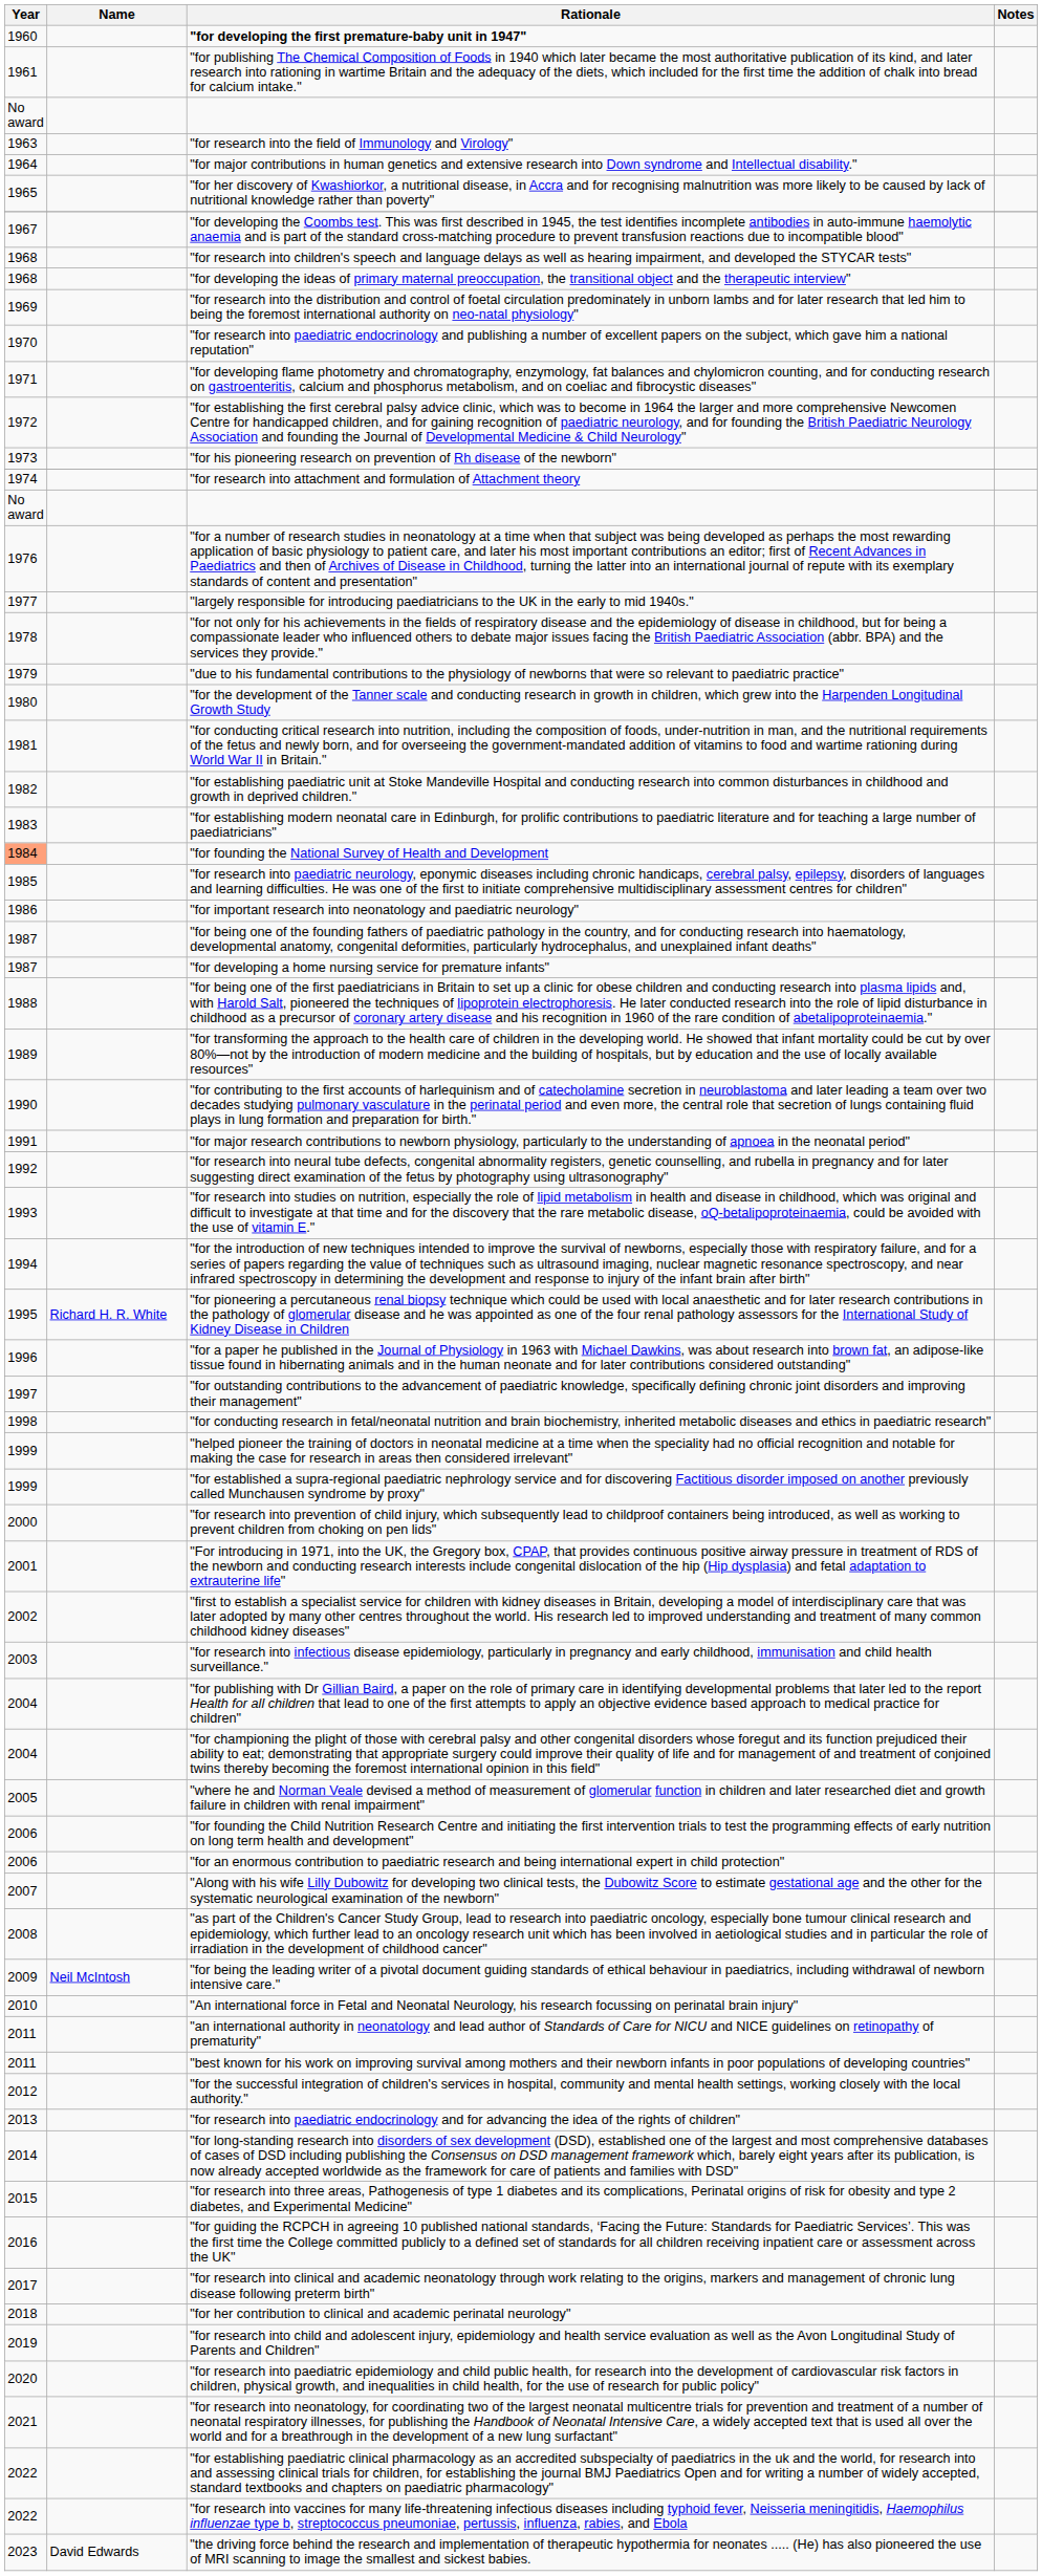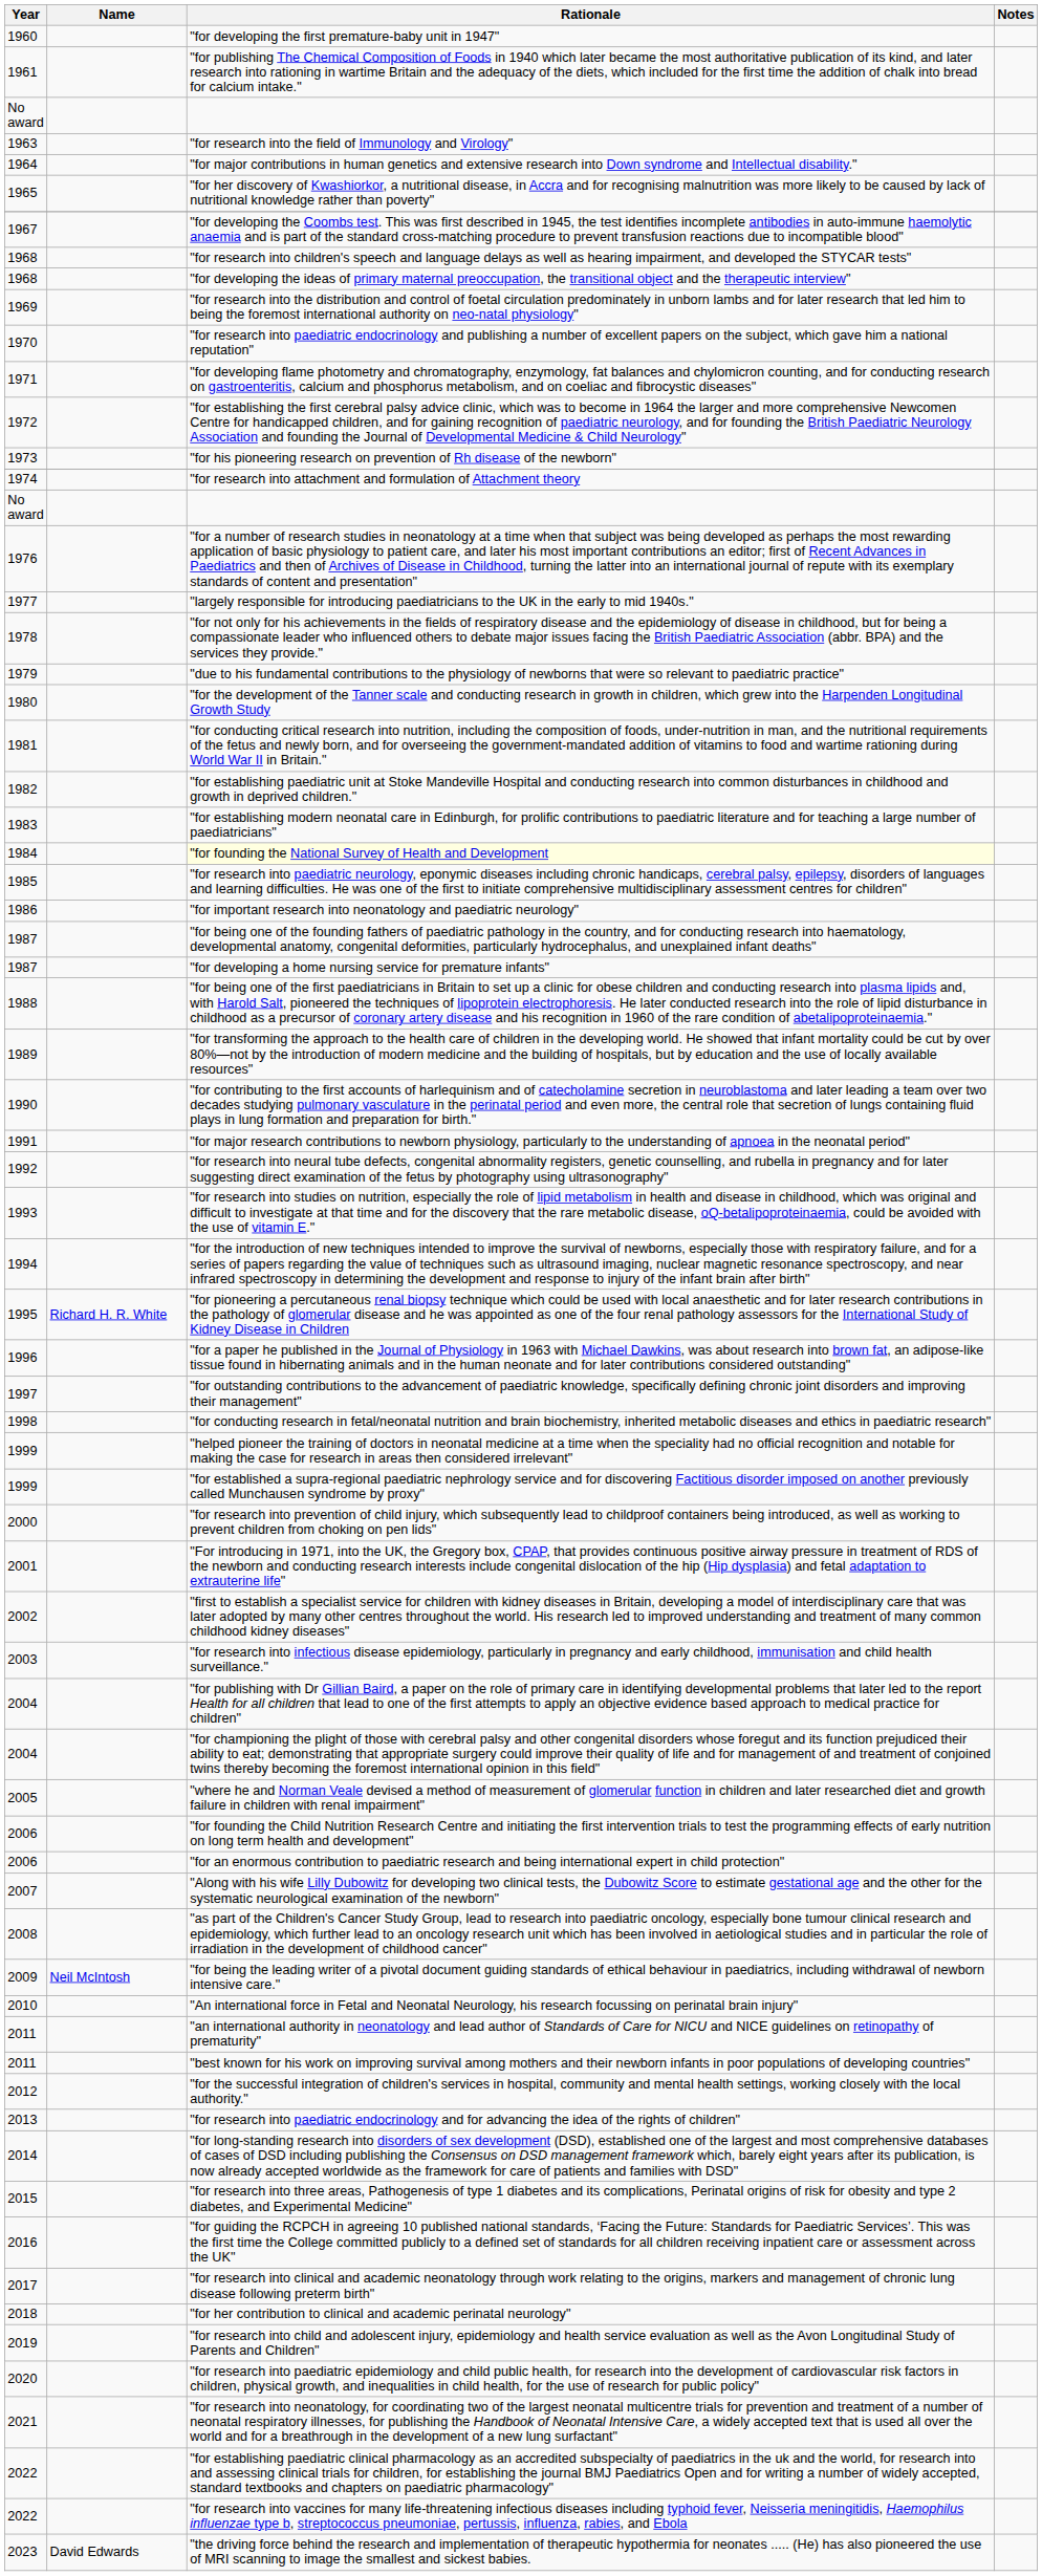 <table class="wikitable sortable" border="1" style="align:left;">
 <tr>
 <th>Year</th>
 <th width=14.4%>Name</th>
 <th width=85% class="unsortable">Rationale</th>
 <th class="unsortable">Notes</th>
 </tr>
 <tr>
 <td>1960</td>
 <td></td>
-<td><strong>"for developing the first premature-baby unit in 1947"</strong></td>
+<td>"for developing the first premature-baby unit in 1947"</td>
 <td></td>
 </tr>
 <tr>
 <td>1961</td>
 <td></td>
 <td>"for publishing <a href='#'>The Chemical Composition of Foods</a> in 1940 which later became the most authoritative publication of its kind, and later research into rationing in wartime Britain and the adequacy of the diets, which included for the first time the addition of chalk into bread for calcium intake."</td>
 <td></td>
 </tr>
 <tr>
 <td>No award</td>
 <td></td>
 <td></td>
 <td></td>
 </tr>
 <tr>
 <td>1963</td>
 <td></td>
 <td>"for research into the field of <a href='#'>Immunology</a> and <a href='#'>Virology</a>"</td>
 <td></td>
 </tr>
 <tr>
 <td>1964</td>
 <td></td>
 <td>"for major contributions in human genetics and extensive research into <a href='#'>Down syndrome</a> and <a href='#'>Intellectual disability</a>."</td>
 <td></td>
 </tr>
 <tr |>
 <td>1965</td>
 <td></td>
 <td>"for her discovery of <a href='#'>Kwashiorkor</a>, a nutritional disease, in <a href='#'>Accra</a> and for recognising malnutrition was more likely to be caused by lack of nutritional knowledge rather than poverty"</td>
 <td></td>
 </tr>
 <tr |>
 </tr>
 <tr>
 <td>1967</td>
 <td></td>
 <td>"for developing the <a href='#'>Coombs test</a>.  This was first described in 1945, the test identifies incomplete <a href='#'>antibodies</a> in auto-immune <a href='#'>haemolytic anaemia</a> and is part of the standard cross-matching procedure to prevent transfusion reactions due to incompatible blood"</td>
 <td></td>
 </tr>
 <tr>
 <td>1968</td>
 <td></td>
 <td>"for research into children's speech and language delays as well as hearing impairment, and developed the STYCAR tests"</td>
 <td></td>
 </tr>
 <tr>
 <td>1968</td>
 <td></td>
 <td>"for developing the ideas of <a href='#'>primary maternal preoccupation</a>, the <a href='#'>transitional object</a> and the <a href='#'>therapeutic interview</a>"</td>
 <td></td>
 </tr>
 <tr>
 <td>1969</td>
 <td></td>
 <td>"for research into the distribution and control of foetal circulation predominately in unborn lambs and for later research that led him to being the foremost international authority on <a href='#'>neo-natal physiology</a>"</td>
 <td></td>
 </tr>
 <tr>
 <td>1970</td>
 <td></td>
 <td>"for research into <a href='#'>paediatric endocrinology</a> and publishing a number of excellent papers on the subject, which gave him a national reputation"</td>
 <td></td>
 </tr>
 <tr>
 <td>1971</td>
 <td></td>
 <td>"for developing flame photometry and chromatography, enzymology, fat balances and chylomicron counting, and for conducting research on <a href='#'>gastroenteritis</a>, calcium and phosphorus metabolism, and on coeliac and fibrocystic diseases"</td>
 <td></td>
 </tr>
 <tr>
 <td>1972</td>
 <td></td>
 <td>"for establishing the first cerebral palsy advice clinic, which was to become in 1964 the larger and more comprehensive Newcomen Centre for handicapped children, and for gaining recognition of <a href='#'>paediatric neurology</a>, and for founding the <a href='#'>British Paediatric Neurology Association</a> and founding the Journal of <a href='#'>Developmental Medicine & Child Neurology</a>"</td>
 <td></td>
 </tr>
 <tr>
 <td>1973</td>
 <td></td>
 <td>"for his pioneering research on prevention of <a href='#'>Rh disease</a> of the newborn"</td>
 <td></td>
 </tr>
 <tr |>
 </tr>
 <tr>
 <td>1974</td>
 <td></td>
 <td>"for research into attachment and formulation of <a href='#'>Attachment theory</a></td>
 <td></td>
 </tr>
 <tr>
 <td>No award</td>
 <td></td>
 <td></td>
 <td></td>
 </tr>
 <tr>
 <td>1976</td>
 <td></td>
 <td>"for a number of research studies in neonatology at a time when that subject was being developed as perhaps the most rewarding application of basic physiology to patient care, and later his most important contributions an editor; first of <a href='#'>Recent Advances in Paediatrics</a> and then of <a href='#'>Archives of Disease in Childhood</a>, turning the latter into an international journal of repute with its exemplary standards of content and presentation"</td>
 <td></td>
 </tr>
 <tr>
 <td>1977</td>
 <td></td>
 <td>"largely responsible for introducing paediatricians to the UK in the early to mid 1940s."</td>
 <td></td>
 </tr>
 <tr>
 <td>1978</td>
 <td></td>
 <td>"for not only for his achievements in the fields of respiratory disease and the epidemiology of disease in childhood, but for being a compassionate leader who influenced others to debate major issues facing the <a href='#'>British Paediatric Association</a> (abbr. BPA) and the services they provide."</td>
 <td></td>
 </tr>
 <tr>
 <td>1979</td>
 <td></td>
 <td>"due to his fundamental contributions to the physiology of newborns that were so relevant to paediatric practice"</td>
 <td></td>
 </tr>
 <tr |>
 <td>1980</td>
 <td></td>
 <td>"for the development of the <a href='#'>Tanner scale</a> and conducting research in growth in children, which grew into the <a href='#'>Harpenden Longitudinal Growth Study</a></td>
 <td></td>
 </tr>
 <tr>
 <td>1981</td>
 <td></td>
 <td>"for conducting critical research into nutrition, including the composition of foods, under-nutrition in man, and the nutritional requirements of the fetus and newly born, and for overseeing the government-mandated addition of vitamins to food and wartime rationing during <a href='#'>World War II</a> in Britain."</td>
 <td></td>
 </tr>
 <tr>
 <td>1982</td>
 <td></td>
 <td>"for establishing paediatric unit at Stoke Mandeville Hospital and conducting research into common disturbances in childhood and growth in deprived children."</td>
 <td></td>
 </tr>
 <tr>
 <td>1983</td>
 <td></td>
 <td>"for establishing modern neonatal care in Edinburgh, for prolific contributions to paediatric literature and for teaching a large number of paediatricians"</td>
 <td></td>
 </tr>
 <tr>
-<td style="background: lightsalmon;">1984</td>
+<td>1984</td>
 <td></td>
-<td>"for founding the <a href='#'>National Survey of Health and Development</a></td>
+<td style="background: lightyellow;">"for founding the <a href='#'>National Survey of Health and Development</a></td>
 <td></td>
 </tr>
 <tr>
 <td>1985</td>
 <td></td>
 <td>"for research into <a href='#'>paediatric neurology</a>, eponymic diseases including chronic handicaps, <a href='#'>cerebral palsy</a>, <a href='#'>epilepsy</a>, disorders of languages and learning difficulties. He was one of the first to initiate comprehensive multidisciplinary assessment centres for children"</td>
 <td></td>
 </tr>
 <tr>
 <td>1986</td>
 <td></td>
 <td>"for important research into neonatology and paediatric neurology"</td>
 <td></td>
 </tr>
 <tr>
 <td>1987</td>
 <td></td>
 <td>"for being one of the founding fathers of paediatric pathology in the country, and for conducting research into haematology, developmental anatomy, congenital deformities, particularly hydrocephalus, and unexplained infant deaths"</td>
 <td></td>
 </tr>
 <tr>
 <td>1987</td>
 <td></td>
 <td>"for developing a home nursing service for premature infants"</td>
 <td></td>
 </tr>
 <tr>
 <td>1988</td>
 <td></td>
 <td>"for being one of the first paediatricians in Britain to set up a clinic for obese children and conducting research into <a href='#'>plasma lipids</a> and, with <a href='#'>Harold Salt</a>, pioneered the techniques of <a href='#'>lipoprotein electrophoresis</a>. He later conducted research into the role of lipid disturbance in childhood as a precursor of <a href='#'>coronary artery disease</a> and his recognition in 1960 of the rare condition of <a href='#'>abetalipoproteinaemia</a>."</td>
 <td></td>
 </tr>
 <tr>
 <td>1989</td>
 <td></td>
 <td>"for transforming the approach to the health care of children in the developing world. He showed that infant mortality could be cut by over 80%—not by the introduction of modern medicine and the building of hospitals, but by education and the use of locally available resources"</td>
 <td></td>
 </tr>
 <tr>
 <td>1990</td>
 <td></td>
 <td>"for contributing to the first accounts of harlequinism and of <a href='#'>catecholamine</a> secretion in <a href='#'>neuroblastoma</a> and later leading a team over two decades studying <a href='#'>pulmonary vasculature</a> in the <a href='#'>perinatal period</a> and even more, the central role that secretion of lungs containing fluid plays in lung formation and preparation for birth."</td>
 <td></td>
 </tr>
 <tr>
 <td>1991</td>
 <td></td>
 <td>"for major research contributions to newborn physiology, particularly to the understanding of <a href='#'>apnoea</a> in the neonatal period"</td>
 <td></td>
 </tr>
 <tr>
 <td>1992</td>
 <td></td>
 <td>"for research into neural tube defects, congenital abnormality registers, genetic counselling, and rubella in pregnancy and for later suggesting direct examination of the fetus by photography using ultrasonography"</td>
 <td></td>
 </tr>
 <tr>
 <td>1993</td>
 <td></td>
 <td>"for research into studies on nutrition, especially the role of <a href='#'>lipid metabolism</a> in health and disease in childhood, which was original and difficult to investigate at that time and for the discovery that the rare metabolic disease, <a href='#'>oQ-betalipoproteinaemia</a>, could be avoided with the use of <a href='#'>vitamin E</a>."</td>
 <td></td>
 </tr>
 <tr>
 <td>1994</td>
 <td></td>
 <td>"for the introduction of new techniques intended to improve the survival of newborns, especially those with respiratory failure, and for a series of papers regarding the value of techniques such as ultrasound imaging, nuclear magnetic resonance spectroscopy, and near infrared spectroscopy in determining the development and response to injury of the infant brain after birth"</td>
 <td></td>
 </tr>
 <tr>
 <td>1995</td>
 <td data-sort-value="White, Richard H. R."><a href='#'>Richard H. R. White</a></td>
 <td>"for pioneering a percutaneous <a href='#'>renal biopsy</a> technique which could be used with local anaesthetic and for later research contributions in the pathology of <a href='#'>glomerular</a> disease and he was appointed as one of the four renal pathology assessors for the <a href='#'>International Study of Kidney Disease in Children</a></td>
 <td></td>
 </tr>
 <tr>
 <td>1996</td>
 <td></td>
 <td>"for a paper he published in the <a href='#'>Journal of Physiology</a> in 1963 with <a href='#'>Michael Dawkins</a>, was about research into <a href='#'>brown fat</a>, an adipose-like tissue found in hibernating animals and in the human neonate and for later contributions considered outstanding"</td>
 <td></td>
 </tr>
 <tr>
 <td>1997</td>
 <td></td>
 <td>"for outstanding contributions to the advancement of paediatric knowledge, specifically defining chronic joint disorders and improving their management"</td>
 <td></td>
 </tr>
 <tr>
 <td>1998</td>
 <td></td>
 <td>"for conducting research in fetal/neonatal nutrition and brain biochemistry, inherited metabolic diseases and ethics in paediatric research"</td>
 <td></td>
 </tr>
 <tr>
 <td>1999</td>
 <td></td>
 <td>"helped pioneer the training of doctors in neonatal medicine at a time when the speciality had no official recognition and notable for making the case for research in areas then considered irrelevant"</td>
 <td></td>
 </tr>
 <tr>
 <td>1999</td>
 <td></td>
 <td>"for established a supra-regional paediatric nephrology service and for discovering <a href='#'>Factitious disorder imposed on another</a> previously called Munchausen syndrome by proxy"</td>
 <td></td>
 </tr>
 <tr>
 <td>2000</td>
 <td></td>
 <td>"for research into prevention of child injury, which subsequently lead to childproof containers being introduced, as well as working to prevent children from choking on pen lids"</td>
 <td></td>
 </tr>
 <tr>
 <td>2001</td>
 <td></td>
 <td>"For introducing in 1971, into the UK, the Gregory box, <a href='#'>CPAP</a>, that provides continuous positive airway pressure in treatment of RDS of the newborn and conducting research interests include congenital dislocation of the hip (<a href='#'>Hip dysplasia</a>) and fetal <a href='#'>adaptation to extrauterine life</a>"</td>
 <td></td>
 </tr>
 <tr>
 <td>2002</td>
 <td></td>
 <td>"first to establish a specialist service for children with kidney diseases in Britain, developing a model of interdisciplinary care that was later adopted by many other centres throughout the world. His research led to improved understanding and treatment of many common childhood kidney diseases"</td>
 <td></td>
 </tr>
 <tr>
 <td>2003</td>
 <td></td>
 <td>"for research into <a href='#'>infectious</a> disease epidemiology, particularly in pregnancy and early childhood, <a href='#'>immunisation</a> and child health surveillance."</td>
 <td></td>
 </tr>
 <tr>
 <td>2004</td>
 <td></td>
 <td>"for publishing with Dr <a href='#'>Gillian Baird</a>, a paper on the role of primary care in identifying developmental problems that later led to the report <em>Health for all children</em> that lead to one of the first attempts to apply an objective evidence based approach to medical practice for children"</td>
 <td></td>
 </tr>
 <tr>
 <td>2004</td>
 <td></td>
 <td>"for championing the plight of those with cerebral palsy and other congenital disorders whose foregut and its function prejudiced their ability to eat; demonstrating that appropriate surgery could improve their quality of life and for management of and treatment of conjoined twins thereby becoming the foremost international opinion in this field"</td>
 <td></td>
 </tr>
 <tr>
 <td>2005</td>
 <td></td>
 <td>"where he and <a href='#'>Norman Veale</a> devised a method of measurement of <a href='#'>glomerular</a> <a href='#'>function</a> in children and later researched diet and growth failure in children with renal impairment"</td>
 <td></td>
 </tr>
 <tr>
 <td>2006</td>
 <td data-sort-value="Lucas, Alan"></td>
 <td>"for founding the Child Nutrition Research Centre and initiating the first intervention trials to test the programming effects of early nutrition on long term health and development"</td>
 <td></td>
 </tr>
 <tr>
 <td>2006</td>
 <td data-sort-value="Sibert, Jonathan Richard"></td>
 <td>"for an enormous contribution to paediatric research and being international expert in child protection"</td>
 <td></td>
 </tr>
 <tr>
 <td>2007</td>
 <td></td>
 <td>"Along with his wife <a href='#'>Lilly Dubowitz</a> for developing two clinical tests, the <a href='#'>Dubowitz Score</a> to estimate <a href='#'>gestational age</a> and the other for the systematic neurological examination of the newborn"</td>
 <td></td>
 </tr>
 <tr>
 <td>2008</td>
 <td></td>
 <td>"as part of the Children's Cancer Study Group, lead to research into paediatric oncology, especially bone tumour clinical research and epidemiology, which further lead to an oncology research unit which has been involved in aetiological studies and in particular the role of irradiation in the development of childhood cancer"</td>
 <td></td>
 </tr>
 <tr>
 <td>2009</td>
 <td data-sort-value="McIntosh, Neil"><a href='#'>Neil McIntosh</a></td>
 <td>"for being the leading writer of a pivotal document guiding standards of ethical behaviour in paediatrics, including withdrawal of newborn intensive care."</td>
 <td></td>
 </tr>
 <tr>
 <td>2010</td>
 <td data-sort-value="Levene, Malcolm"></td>
 <td>"An international force in Fetal and Neonatal Neurology, his research focussing on perinatal brain injury"</td>
 <td></td>
 </tr>
 <tr>
 <td>2011</td>
 <td></td>
 <td>"an international authority in <a href='#'>neonatology</a> and lead author of <em>Standards of Care for NICU</em> and NICE guidelines on <a href='#'>retinopathy</a> of prematurity"</td>
 <td></td>
 </tr>
 <tr>
 <td>2011</td>
 <td></td>
 <td>"best known for his work on improving survival among mothers and their newborn infants in poor populations of developing countries"</td>
 <td></td>
 </tr>
 <tr>
 <td>2012</td>
 <td></td>
 <td>"for the successful integration of children's services in hospital, community and mental health settings, working closely with the local authority."</td>
 <td></td>
 </tr>
 <tr>
 <td>2013</td>
 <td></td>
 <td>"for research into <a href='#'>paediatric endocrinology</a> and for advancing the idea of the rights of children"</td>
 <td></td>
 </tr>
 <tr>
 <td>2014</td>
 <td></td>
 <td>"for long-standing research into <a href='#'>disorders of sex development</a> (DSD), established one of the largest and most comprehensive databases of cases of DSD including publishing the <em>Consensus on DSD management framework</em> which, barely eight years after its publication, is now already accepted worldwide as the framework for care of patients and families with DSD"</td>
 <td></td>
 </tr>
 <tr>
 <td>2015</td>
 <td></td>
 <td>"for research into three areas, Pathogenesis of type 1 diabetes and its complications, Perinatal origins of risk for obesity and type 2 diabetes, and Experimental Medicine"</td>
 <td></td>
 </tr>
 <tr>
 <td>2016</td>
 <td></td>
 <td>"for guiding the RCPCH in agreeing 10 published national standards,  ‘Facing the Future: Standards for Paediatric Services’. This was the first time the College committed publicly to a defined set of standards for all children receiving inpatient care or assessment across the UK"</td>
 <td></td>
 </tr>
 <tr>
 <td>2017</td>
 <td></td>
 <td>"for research into clinical and academic neonatology through work relating to the origins, markers and management of chronic lung disease following preterm birth"</td>
 <td></td>
 </tr>
 <tr>
 <td>2018</td>
 <td></td>
 <td>"for her contribution to clinical and academic perinatal neurology"</td>
 <td></td>
 </tr>
 <tr>
 <td>2019</td>
 <td></td>
 <td>"for research into child and adolescent injury, epidemiology and health service evaluation as well as the Avon Longitudinal Study of Parents and Children"</td>
 <td></td>
 </tr>
 <tr>
 <td>2020</td>
 <td></td>
 <td>"for research into paediatric epidemiology and child public health, for research into the development of cardiovascular risk factors in children, physical growth,  and inequalities in child health, for the use of research for public policy"</td>
 <td></td>
 </tr>
 <tr>
 <td>2021</td>
 <td></td>
 <td>"for research into neonatology, for coordinating two of the largest neonatal multicentre trials for prevention and treatment of a number of neonatal respiratory illnesses, for publishing the <em>Handbook of Neonatal Intensive Care</em>, a widely accepted text that is used all over the world and for a breathrough in the development of a new lung surfactant"</td>
 <td></td>
 </tr>
 <tr>
 <td>2022</td>
 <td></td>
 <td>"for establishing paediatric clinical pharmacology as an accredited subspecialty of paediatrics in the uk and the world, for research into and assessing clinical trials for children, for establishing the journal BMJ Paediatrics Open and for writing a number of widely accepted, standard textbooks and chapters on paediatric pharmacology"</td>
 <td></td>
 </tr>
 <tr>
 <td>2022</td>
 <td></td>
 <td>"for research into vaccines for many life-threatening infectious diseases including <a href='#'>typhoid fever</a>, <a href='#'>Neisseria meningitidis</a>, <a href='#'><em>Haemophilus influenzae</em> type b</a>, <a href='#'>streptococcus pneumoniae</a>, <a href='#'>pertussis</a>, <a href='#'>influenza</a>, <a href='#'>rabies</a>, and <a href='#'>Ebola</a></td>
 <td></td>
 </tr>
 <tr>
 <td>2023</td>
 <td>David Edwards</td>
 <td>"the driving force behind the research and implementation of therapeutic hypothermia for neonates ..... (He) has also pioneered the use of MRI scanning to image the smallest and sickest babies.</td>
 <td></td>
 </tr>
 </table>
